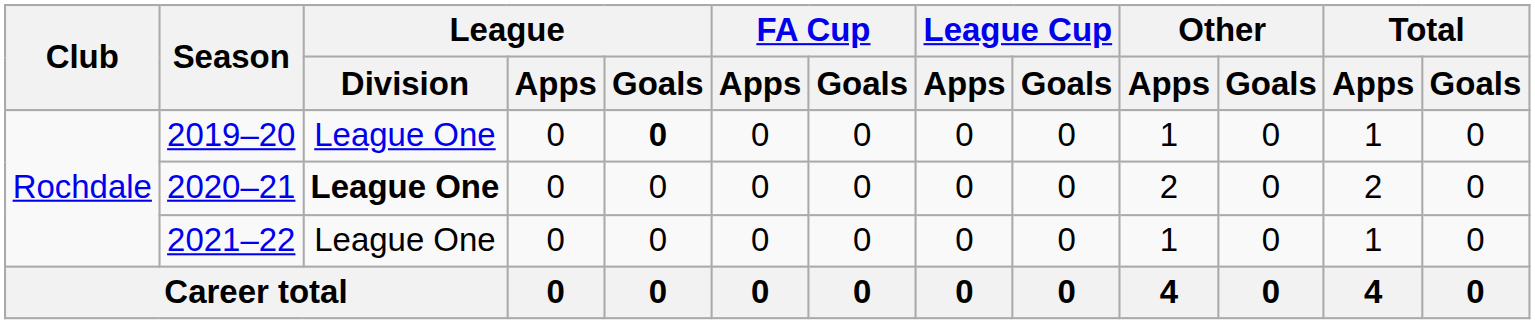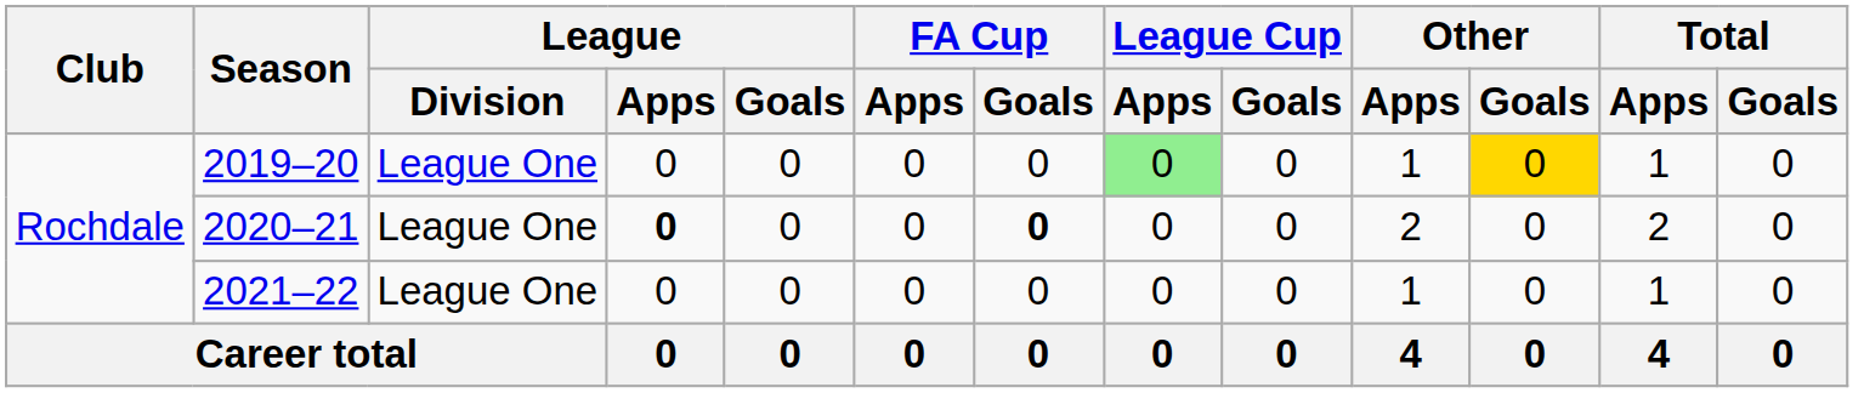 <table class="wikitable" style="text-align: center">
 <tr>
 <th rowspan="2">Club</th>
 <th rowspan="2">Season</th>
 <th colspan="3">League</th>
 <th colspan="2"><a href='#'>FA Cup</a></th>
 <th colspan="2"><a href='#'>League Cup</a></th>
 <th colspan="2">Other</th>
 <th colspan="2">Total</th>
 </tr>
 <tr>
 <th>Division</th>
 <th>Apps</th>
 <th>Goals</th>
 <th>Apps</th>
 <th>Goals</th>
 <th>Apps</th>
 <th>Goals</th>
 <th>Apps</th>
 <th>Goals</th>
 <th>Apps</th>
 <th>Goals</th>
 </tr>
 <tr>
 <td rowspan="3"><a href='#'>Rochdale</a></td>
 <td><a href='#'>2019–20</a></td>
 <td><a href='#'>League One</a></td>
 <td>0</td>
-<td><strong>0</strong></td>
 <td>0</td>
 <td>0</td>
 <td>0</td>
+<td style="background: lightgreen;">0</td>
 <td>0</td>
 <td>1</td>
-<td>0</td>
+<td style="background: gold;">0</td>
 <td>1</td>
 <td>0</td>
 </tr>
 <tr>
 <td><a href='#'>2020–21</a></td>
-<td><strong>League One</strong></td>
+<td>League One</td>
+<td><strong>0</strong></td>
 <td>0</td>
 <td>0</td>
-<td>0</td>
-<td>0</td>
+<td><strong>0</strong></td>
 <td>0</td>
 <td>0</td>
 <td>2</td>
 <td>0</td>
 <td>2</td>
 <td>0</td>
 </tr>
 <tr>
 <td><a href='#'>2021–22</a></td>
 <td>League One</td>
 <td>0</td>
 <td>0</td>
 <td>0</td>
 <td>0</td>
 <td>0</td>
 <td>0</td>
 <td>1</td>
 <td>0</td>
 <td>1</td>
 <td>0</td>
 </tr>
 <tr>
 <th colspan="3">Career total</th>
 <th>0</th>
 <th>0</th>
 <th>0</th>
 <th>0</th>
 <th>0</th>
 <th>0</th>
 <th>4</th>
 <th>0</th>
 <th>4</th>
 <th>0</th>
 </tr>
 </table>
